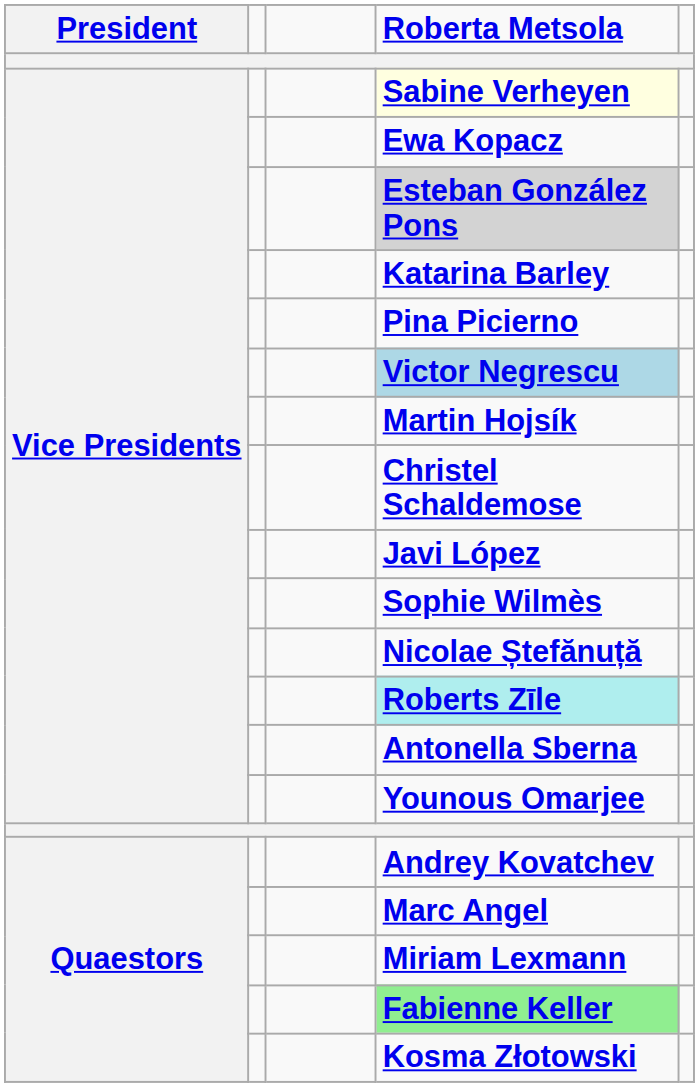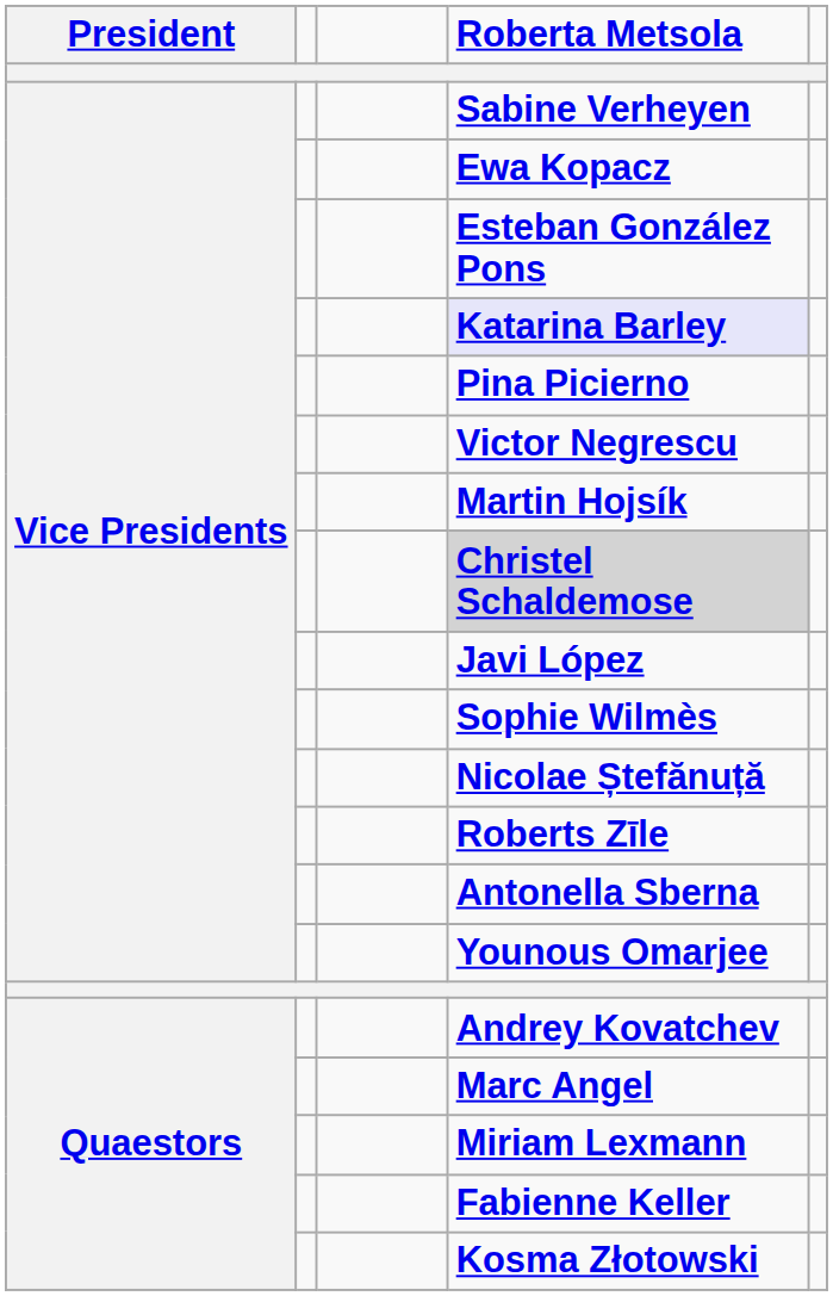 <table class="wikitable">
 <tr>
 <th><strong><a href='#'>President</a></strong></th>
 <td style="width:1px;" style="background-color:"></td>
 <td style="width:50px;"><strong></strong></td>
 <td style="width:150px;"><strong><a href='#'>Roberta Metsola</a></strong></td>
 <td></td>
 </tr>
 <tr>
 <th colspan=5></th>
 </tr>
 <tr>
 <th rowspan=14><strong><a href='#'>Vice Presidents</a></strong></th>
 <td style="background-color:"></td>
 <td><strong></strong></td>
-<td style="background: lightyellow;"><strong><a href='#'>Sabine Verheyen</a></strong></td>
+<td><strong><a href='#'>Sabine Verheyen</a></strong></td>
 <td></td>
 </tr>
 <tr>
 <td style="background-color:"></td>
 <td><strong></strong></td>
 <td><strong><a href='#'>Ewa Kopacz</a></strong></td>
 <td></td>
 </tr>
 <tr>
 <td style="background-color:"></td>
 <td><strong></strong></td>
-<td style="background: lightgrey;"><strong><a href='#'>Esteban González Pons</a></strong></td>
+<td><strong><a href='#'>Esteban González Pons</a></strong></td>
 <td></td>
 </tr>
 <tr>
 <td style="background-color:"></td>
 <td><strong></strong></td>
-<td><strong><a href='#'>Katarina Barley</a></strong></td>
+<td style="background: lavender;"><strong><a href='#'>Katarina Barley</a></strong></td>
 <td></td>
 </tr>
 <tr>
 <td style="background-color:"></td>
 <td><strong></strong></td>
 <td><strong><a href='#'>Pina Picierno</a></strong></td>
 <td></td>
 </tr>
 <tr>
 <td style="background-color:"></td>
 <td><strong></strong></td>
-<td style="background: lightblue;"><strong><a href='#'>Victor Negrescu</a></strong></td>
+<td><strong><a href='#'>Victor Negrescu</a></strong></td>
 <td></td>
 </tr>
 <tr>
 <td style="background-color:"></td>
 <td><strong></strong></td>
 <td><strong><a href='#'>Martin Hojsík</a></strong></td>
 <td></td>
 </tr>
 <tr>
 <td style="background-color:"></td>
 <td><strong></strong></td>
-<td><strong><a href='#'>Christel Schaldemose</a></strong></td>
+<td style="background: lightgrey;"><strong><a href='#'>Christel Schaldemose</a></strong></td>
 <td></td>
 </tr>
 <tr>
 <td style="background-color:"></td>
 <td><strong></strong></td>
 <td><strong><a href='#'>Javi López</a></strong></td>
 <td></td>
 </tr>
 <tr>
 <td style="background-color:"></td>
 <td><strong></strong></td>
 <td><strong><a href='#'>Sophie Wilmès</a></strong></td>
 <td></td>
 </tr>
 <tr>
 <td style="background-color:"></td>
 <td><strong></strong></td>
 <td><strong><a href='#'>Nicolae Ștefănuță</a></strong></td>
 <td></td>
 </tr>
 <tr>
 <td style="background:"></td>
 <td><strong></strong></td>
-<td style="background: paleturquoise;"><strong><a href='#'>Roberts Zīle</a></strong></td>
+<td><strong><a href='#'>Roberts Zīle</a></strong></td>
 <td></td>
 </tr>
 <tr>
 <td style="background:"></td>
 <td><strong></strong></td>
 <td><strong><a href='#'>Antonella Sberna</a></strong></td>
 <td></td>
 </tr>
 <tr>
 <td style="background-color:"></td>
 <td><strong></strong></td>
 <td><strong><a href='#'>Younous Omarjee</a></strong></td>
 <td></td>
 </tr>
 <tr>
 <th colspan=5></th>
 </tr>
 <tr>
 <th rowspan=5><strong><a href='#'>Quaestors</a></strong></th>
 <td style="background-color:"></td>
 <td><strong></strong></td>
 <td><strong><a href='#'>Andrey Kovatchev</a></strong></td>
 <td></td>
 </tr>
 <tr>
 <td style="background-color:"></td>
 <td><strong></strong></td>
 <td><strong><a href='#'>Marc Angel</a></strong></td>
 <td></td>
 </tr>
 <tr>
 <td style="background-color:"></td>
 <td><strong></strong></td>
 <td><strong><a href='#'>Miriam Lexmann</a></strong></td>
 <td></td>
 </tr>
 <tr>
 <td style="background-color:"></td>
 <td><strong></strong></td>
-<td style="background: lightgreen;"><strong><a href='#'>Fabienne Keller</a></strong></td>
+<td><strong><a href='#'>Fabienne Keller</a></strong></td>
 <td></td>
 </tr>
 <tr>
 <td style="background:"></td>
 <td><strong></strong></td>
 <td><strong><a href='#'>Kosma Złotowski</a></strong></td>
 <td></td>
 </tr>
 </table>
